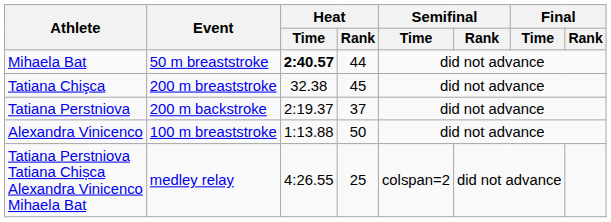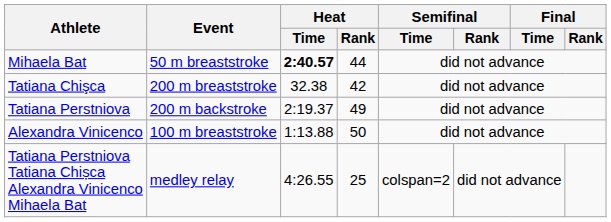 <table class=wikitable style="font-size:90%">
 <tr>
 <th rowspan="2">Athlete</th>
 <th rowspan="2">Event</th>
 <th colspan="2">Heat</th>
 <th colspan="2">Semifinal</th>
 <th colspan="2">Final</th>
 </tr>
 <tr style="font-size:95%">
 <th>Time</th>
 <th>Rank</th>
 <th>Time</th>
 <th>Rank</th>
 <th>Time</th>
 <th>Rank</th>
 </tr>
 <tr align=center>
 <td align=left><a href='#'>Mihaela Bat</a></td>
 <td align=left><a href='#'>50 m breaststroke</a></td>
 <td><strong>2:40.57</strong></td>
 <td>44</td>
 <td colspan=4>did not advance</td>
 </tr>
 <tr align=center>
 <td align=left><a href='#'>Tatiana Chişca</a></td>
 <td align=left><a href='#'>200 m breaststroke</a></td>
 <td>32.38</td>
-<td>45</td>
+<td>42</td>
 <td colspan=4>did not advance</td>
 </tr>
 <tr align=center>
 <td align=left><a href='#'>Tatiana Perstniova</a></td>
 <td align=left><a href='#'>200 m backstroke</a></td>
 <td>2:19.37</td>
-<td>37</td>
+<td>49</td>
 <td colspan=4>did not advance</td>
 </tr>
 <tr align=center>
 <td align=left><a href='#'>Alexandra Vinicenco</a></td>
 <td align=left><a href='#'>100 m breaststroke</a></td>
 <td>1:13.88</td>
 <td>50</td>
 <td colspan=4>did not advance</td>
 </tr>
 <tr align=center>
 <td align=left><a href='#'>Tatiana Perstniova</a><br><a href='#'>Tatiana Chișca</a><br><a href='#'>Alexandra Vinicenco</a><br><a href='#'>Mihaela Bat</a></td>
 <td align=left><a href='#'> medley relay</a></td>
 <td>4:26.55</td>
 <td>25</td>
 <td>colspan=2 </td>
 <td colspan=2>did not advance</td>
 </tr>
 </table>
